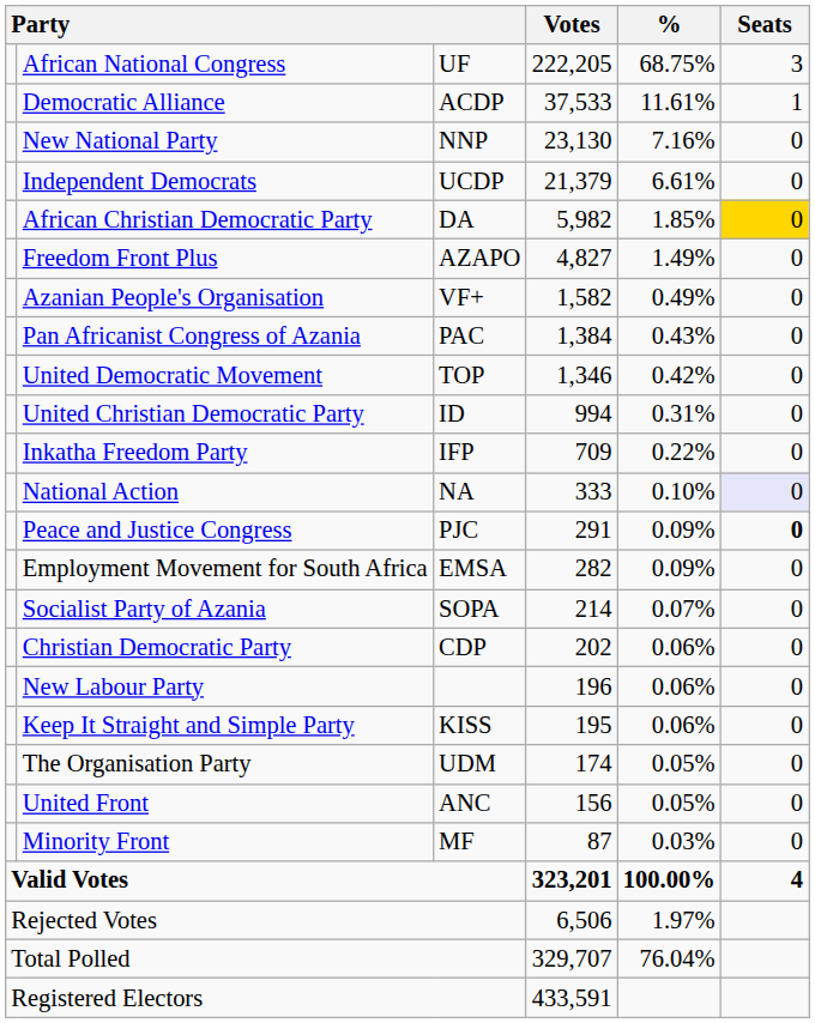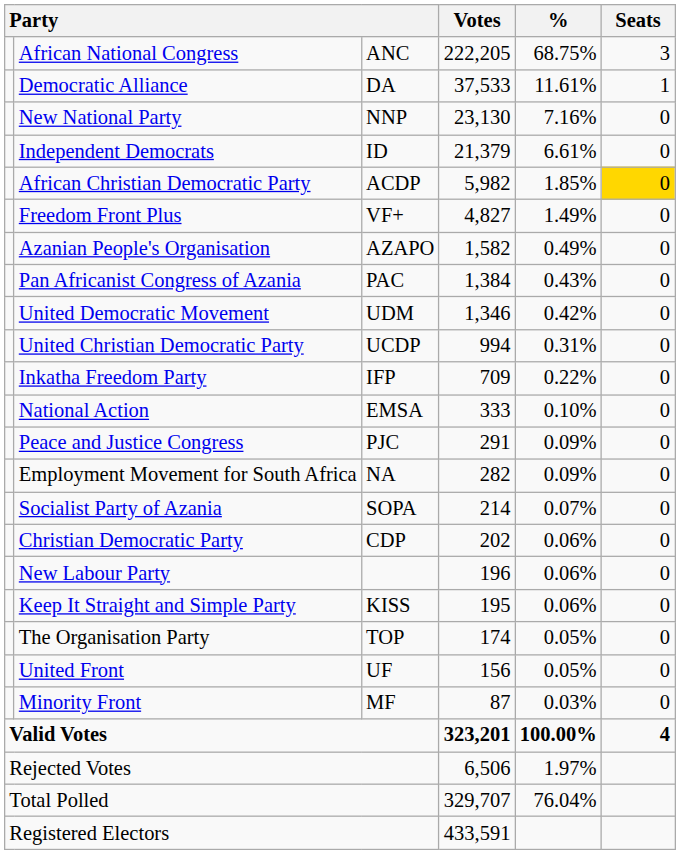 <table class="wikitable" border="1" style="text-align:right;">
 <tr>
 <th style="text-align:left;" colspan=3>Party</th>
 <th align=center width="50">Votes</th>
 <th align=center width="50">%</th>
 <th align=center width="50">Seats</th>
 </tr>
 <tr>
 <td style="background:"></td>
 <td align=left><a href='#'>African National Congress</a></td>
-<td align=left>UF</td>
+<td align=left>ANC</td>
 <td>222,205</td>
 <td>68.75%</td>
 <td>3</td>
 </tr>
 <tr>
 <td style="background:"></td>
 <td align=left><a href='#'>Democratic Alliance</a></td>
-<td align=left>ACDP</td>
+<td align=left>DA</td>
 <td>37,533</td>
 <td>11.61%</td>
 <td>1</td>
 </tr>
 <tr>
 <td style="background:"></td>
 <td align=left><a href='#'>New National Party</a></td>
 <td align=left>NNP</td>
 <td>23,130</td>
 <td>7.16%</td>
 <td>0</td>
 </tr>
 <tr>
 <td style="background:"></td>
 <td align=left><a href='#'>Independent Democrats</a></td>
-<td align=left>UCDP</td>
+<td align=left>ID</td>
 <td>21,379</td>
 <td>6.61%</td>
 <td>0</td>
 </tr>
 <tr>
 <td style="background:"></td>
 <td align=left><a href='#'>African Christian Democratic Party</a></td>
-<td align=left>DA</td>
+<td align=left>ACDP</td>
 <td>5,982</td>
 <td>1.85%</td>
 <td style="background: gold;">0</td>
 </tr>
 <tr>
 <td style="background:"></td>
 <td align=left><a href='#'>Freedom Front Plus</a></td>
-<td align=left>AZAPO</td>
+<td align=left>VF+</td>
 <td>4,827</td>
 <td>1.49%</td>
 <td>0</td>
 </tr>
 <tr>
 <td style="background:"></td>
 <td align=left><a href='#'>Azanian People's Organisation</a></td>
-<td align=left>VF+</td>
+<td align=left>AZAPO</td>
 <td>1,582</td>
 <td>0.49%</td>
 <td>0</td>
 </tr>
 <tr>
 <td style="background:"></td>
 <td align=left><a href='#'>Pan Africanist Congress of Azania</a></td>
 <td align=left>PAC</td>
 <td>1,384</td>
 <td>0.43%</td>
 <td>0</td>
 </tr>
 <tr>
 <td style="background:"></td>
 <td align=left><a href='#'>United Democratic Movement</a></td>
-<td align=left>TOP</td>
+<td align=left>UDM</td>
 <td>1,346</td>
 <td>0.42%</td>
 <td>0</td>
 </tr>
 <tr>
 <td style="background:"></td>
 <td align=left><a href='#'>United Christian Democratic Party</a></td>
-<td align=left>ID</td>
+<td align=left>UCDP</td>
 <td>994</td>
 <td>0.31%</td>
 <td>0</td>
 </tr>
 <tr>
 <td style="background:"></td>
 <td align=left><a href='#'>Inkatha Freedom Party</a></td>
 <td align=left>IFP</td>
 <td>709</td>
 <td>0.22%</td>
 <td>0</td>
 </tr>
 <tr>
 <td></td>
 <td align=left><a href='#'>National Action</a></td>
-<td align=left>NA</td>
+<td align=left>EMSA</td>
 <td>333</td>
 <td>0.10%</td>
-<td style="background: lavender;">0</td>
+<td>0</td>
 </tr>
 <tr>
 <td></td>
 <td align=left><a href='#'>Peace and Justice Congress</a></td>
 <td align=left>PJC</td>
 <td>291</td>
 <td>0.09%</td>
-<td><strong>0</strong></td>
+<td>0</td>
 </tr>
 <tr>
 <td></td>
 <td align=left>Employment Movement for South Africa</td>
-<td align=left>EMSA</td>
+<td align=left>NA</td>
 <td>282</td>
 <td>0.09%</td>
 <td>0</td>
 </tr>
 <tr>
 <td style="background:"></td>
 <td align=left><a href='#'>Socialist Party of Azania</a></td>
 <td align=left>SOPA</td>
 <td>214</td>
 <td>0.07%</td>
 <td>0</td>
 </tr>
 <tr>
 <td style="background:"></td>
 <td align=left><a href='#'>Christian Democratic Party</a></td>
 <td align=left>CDP</td>
 <td>202</td>
 <td>0.06%</td>
 <td>0</td>
 </tr>
 <tr>
 <td></td>
 <td align=left><a href='#'>New Labour Party</a></td>
 <td align=left></td>
 <td>196</td>
 <td>0.06%</td>
 <td>0</td>
 </tr>
 <tr>
 <td style="background:"></td>
 <td align=left><a href='#'>Keep It Straight and Simple Party</a></td>
 <td align=left>KISS</td>
 <td>195</td>
 <td>0.06%</td>
 <td>0</td>
 </tr>
 <tr>
 <td></td>
 <td align=left>The Organisation Party</td>
-<td align=left>UDM</td>
+<td align=left>TOP</td>
 <td>174</td>
 <td>0.05%</td>
 <td>0</td>
 </tr>
 <tr>
 <td></td>
 <td align=left><a href='#'>United Front</a></td>
-<td align=left>ANC</td>
+<td align=left>UF</td>
 <td>156</td>
 <td>0.05%</td>
 <td>0</td>
 </tr>
 <tr>
 <td style="background:"></td>
 <td align=left><a href='#'>Minority Front</a></td>
 <td align=left>MF</td>
 <td>87</td>
 <td>0.03%</td>
 <td>0</td>
 </tr>
 <tr style="font-weight:bold">
 <td align=left colspan=3>Valid Votes</td>
 <td>323,201</td>
 <td>100.00%</td>
 <td>4</td>
 </tr>
 <tr>
 <td align=left colspan=3>Rejected Votes</td>
 <td>6,506</td>
 <td>1.97%</td>
 <td></td>
 </tr>
 <tr>
 <td align=left colspan=3>Total Polled</td>
 <td>329,707</td>
 <td>76.04%</td>
 <td></td>
 </tr>
 <tr>
 <td align=left colspan=3>Registered Electors</td>
 <td>433,591</td>
 <td></td>
 <td></td>
 </tr>
 </table>
